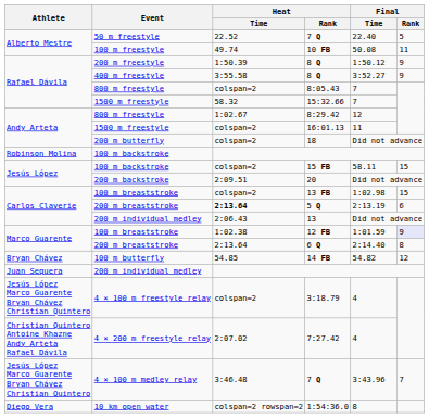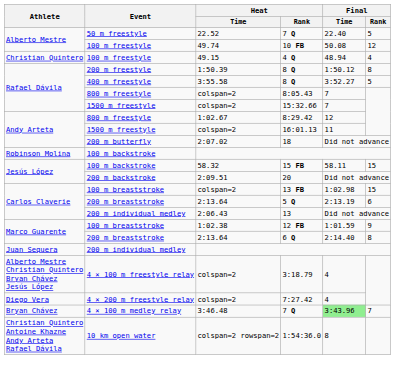 <table class=wikitable style="font-size:90%">
 <tr>
 <th rowspan="2">Athlete</th>
 <th rowspan="2">Event</th>
 <th colspan="2">Heat</th>
 <th colspan="2">Final</th>
 </tr>
 <tr style="font-size:95%">
 <th>Time</th>
 <th>Rank</th>
 <th>Time</th>
 <th>Rank</th>
 </tr>
 <tr>
 <td align=left rowspan=2><a href='#'>Alberto Mestre</a></td>
 <td align=left><a href='#'>50 m freestyle</a></td>
 <td>22.52</td>
 <td>7 <strong>Q</strong></td>
 <td>22.40</td>
 <td>5</td>
 </tr>
 <tr>
 <td align=left><a href='#'>100 m freestyle</a></td>
 <td>49.74</td>
 <td>10 <strong>FB</strong></td>
 <td>50.08</td>
-<td>11</td>
+<td>12</td>
+</tr>
+<tr>
+<td align=left><a href='#'>Christian Quintero</a></td>
+<td align=left><a href='#'>100 m freestyle</a></td>
+<td>49.15</td>
+<td>4 <strong>Q</strong></td>
+<td>48.94</td>
+<td>4</td>
 </tr>
 <tr>
 <td align=left rowspan=4><a href='#'>Rafael Dávila</a></td>
 <td align=left><a href='#'>200 m freestyle</a></td>
 <td>1:50.39</td>
 <td>8 <strong>Q</strong></td>
 <td>1:50.12</td>
-<td>9</td>
+<td>8</td>
 </tr>
 <tr>
 <td align=left><a href='#'>400 m freestyle</a></td>
 <td>3:55.58</td>
 <td>8 <strong>Q</strong></td>
 <td>3:52.27</td>
-<td>9</td>
+<td>5</td>
 </tr>
 <tr>
 <td align=left><a href='#'>800 m freestyle</a></td>
 <td>colspan=2 </td>
 <td>8:05.43</td>
 <td>7</td>
 </tr>
 <tr>
 <td align=left><a href='#'>1500 m freestyle</a></td>
-<td>58.32</td>
+<td>colspan=2 </td>
 <td>15:32.66</td>
 <td>7</td>
 </tr>
 <tr>
 <td align=left rowspan=3><a href='#'>Andy Arteta</a></td>
 <td align=left><a href='#'>800 m freestyle</a></td>
 <td>1:02.67</td>
 <td>8:29.42</td>
 <td>12</td>
 </tr>
 <tr>
 <td align=left><a href='#'>1500 m freestyle</a></td>
 <td>colspan=2 </td>
 <td>16:01.13</td>
 <td>11</td>
 </tr>
 <tr>
 <td align=left><a href='#'>200 m butterfly</a></td>
-<td>colspan=2 </td>
+<td>2:07.02</td>
 <td>18</td>
 <td colspan=2>Did not advance</td>
 </tr>
 <tr>
 <td align=left><a href='#'>Robinson Molina</a></td>
 <td align=left><a href='#'>100 m backstroke</a></td>
 <td colspan=4></td>
 </tr>
 <tr>
 <td align=left rowspan=2><a href='#'>Jesús López</a></td>
 <td align=left><a href='#'>100 m backstroke</a></td>
-<td>colspan=2 </td>
+<td>58.32</td>
 <td>15 <strong>FB</strong></td>
 <td>58.11</td>
 <td>15</td>
 </tr>
 <tr>
 <td align=left><a href='#'>200 m backstroke</a></td>
 <td>2:09.51</td>
 <td>20</td>
 <td colspan=2>Did not advance</td>
 </tr>
 <tr>
 <td align=left rowspan=3><a href='#'>Carlos Claverie</a></td>
 <td align=left><a href='#'>100 m breaststroke</a></td>
 <td>colspan=2 </td>
 <td>13 <strong>FB</strong></td>
 <td>1:02.98</td>
 <td>15</td>
 </tr>
 <tr>
 <td align=left><a href='#'>200 m breaststroke</a></td>
-<td><strong>2:13.64</strong></td>
+<td>2:13.64</td>
 <td>5 <strong>Q</strong></td>
 <td>2:13.19</td>
 <td>6</td>
 </tr>
 <tr>
 <td align=left><a href='#'>200 m individual medley</a></td>
 <td>2:06.43</td>
 <td>13</td>
 <td colspan=2>Did not advance</td>
 </tr>
 <tr>
 <td align=left rowspan=2><a href='#'>Marco Guarente</a></td>
 <td align=left><a href='#'>100 m breaststroke</a></td>
 <td>1:02.38</td>
 <td>12 <strong>FB</strong></td>
 <td>1:01.59</td>
-<td style="background: lavender;">9</td>
+<td>9</td>
 </tr>
 <tr>
 <td align=left><a href='#'>200 m breaststroke</a></td>
 <td>2:13.64</td>
 <td>6 <strong>Q</strong></td>
 <td>2:14.40</td>
 <td>8</td>
 </tr>
 <tr>
-<td align=left><a href='#'>Bryan Chávez</a></td>
-<td align=left><a href='#'>100 m butterfly</a></td>
-<td>54.85</td>
-<td>14 <strong>FB</strong></td>
-<td>54.82</td>
-<td>12</td>
-</tr>
-<tr>
 <td align=left><a href='#'>Juan Sequera</a></td>
 <td align=left><a href='#'>200 m individual medley</a></td>
 <td colspan=4></td>
 </tr>
 <tr>
-<td align=left><a href='#'>Jesús López</a><br><a href='#'>Marco Guarente</a><br><a href='#'>Bryan Chávez</a><br><a href='#'>Christian Quintero</a></td>
+<td align=left><a href='#'>Alberto Mestre</a><br><a href='#'>Christian Quintero</a><br><a href='#'>Bryan Chávez</a><br><a href='#'>Jesús López</a></td>
 <td align=left><a href='#'>4 × 100 m freestyle relay</a></td>
 <td>colspan=2 </td>
 <td>3:18.79</td>
 <td>4</td>
 </tr>
 <tr>
-<td align=left><a href='#'>Christian Quintero</a><br><a href='#'>Antoine Khazne</a><br><a href='#'>Andy Arteta</a><br><a href='#'>Rafael Dávila</a></td>
+<td align=left><a href='#'>Diego Vera</a></td>
 <td align=left><a href='#'>4 × 200 m freestyle relay</a></td>
-<td>2:07.02</td>
+<td>colspan=2 </td>
 <td>7:27.42</td>
 <td>4</td>
 </tr>
 <tr>
-<td align=left><a href='#'>Jesús López</a><br><a href='#'>Marco Guarente</a><br><a href='#'>Bryan Chávez</a><br><a href='#'>Christian Quintero</a></td>
+<td align=left><a href='#'>Bryan Chávez</a></td>
 <td align=left><a href='#'>4 × 100 m medley relay</a></td>
 <td>3:46.48</td>
 <td>7 <strong>Q</strong></td>
-<td>3:43.96</td>
+<td style="background: lightgreen;">3:43.96</td>
 <td>7</td>
 </tr>
 <tr>
-<td align=left><a href='#'>Diego Vera</a></td>
+<td align=left><a href='#'>Christian Quintero</a><br><a href='#'>Antoine Khazne</a><br><a href='#'>Andy Arteta</a><br><a href='#'>Rafael Dávila</a></td>
 <td align=left rowspan=2><a href='#'>10 km open water</a></td>
 <td>colspan=2 rowspan=2 </td>
 <td>1:54:36.0</td>
 <td>8</td>
 </tr>
 </table>
